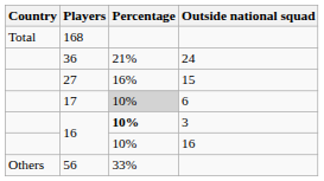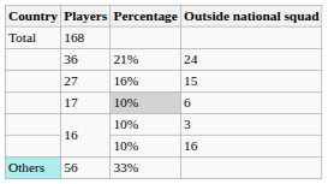 <table class="wikitable sortable">
 <tr>
 <th>Country</th>
 <th>Players</th>
 <th>Percentage</th>
 <th>Outside national squad</th>
 </tr>
 <tr>
 <td>Total</td>
 <td>168</td>
 <td></td>
 <td></td>
 </tr>
 <tr>
 <td></td>
 <td>36</td>
 <td>21%</td>
 <td>24</td>
 </tr>
 <tr>
 <td></td>
 <td>27</td>
 <td>16%</td>
 <td>15</td>
 </tr>
 <tr>
 <td></td>
 <td>17</td>
 <td style="background: lightgrey;">10%</td>
 <td>6</td>
 </tr>
 <tr>
 <td></td>
 <td rowspan="2">16</td>
-<td><strong>10%</strong></td>
+<td>10%</td>
 <td>3</td>
 </tr>
 <tr>
 <td></td>
 <td>10%</td>
 <td>16</td>
 </tr>
 <tr>
-<td>Others</td>
+<td style="background: paleturquoise;">Others</td>
 <td>56</td>
 <td>33%</td>
 <td></td>
 </tr>
 </table>
